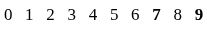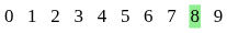 <table cellspacing="10" style="margin:1em auto; text-align:center">
 <tr>
 <td></td>
 <td></td>
 <td></td>
 <td></td>
 <td></td>
 <td></td>
 <td></td>
 <td></td>
 <td></td>
 <td></td>
 </tr>
 <tr>
 <td>0</td>
 <td>1</td>
 <td>2</td>
 <td>3</td>
 <td>4</td>
 <td>5</td>
 <td>6</td>
-<td><strong>7</strong></td>
-<td>8</td>
-<td><strong>9</strong></td>
+<td>7</td>
+<td style="background: lightgreen;">8</td>
+<td>9</td>
 </tr>
 </table>
